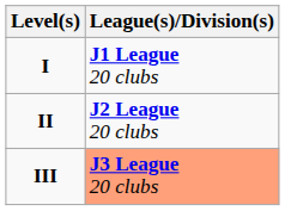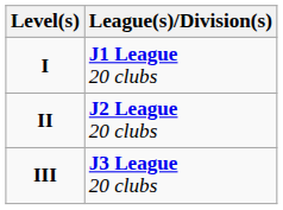 <table class="wikitable" style="float:right">
 <tr>
 <th>Level(s)</th>
 <th>League(s)/Division(s)</th>
 </tr>
 <tr>
 <td align=center><strong>I</strong></td>
 <td><strong><a href='#'>J1 League</a></strong><br><em>20 clubs</em></td>
 </tr>
 <tr>
 <td align=center><strong>II</strong></td>
 <td><strong><a href='#'>J2 League</a></strong><br><em>20 clubs</em></td>
 </tr>
 <tr>
 <td align=center><strong>III</strong></td>
-<td style="background: lightsalmon;"><strong><a href='#'>J3 League</a></strong><br><em>20 clubs</em></td>
+<td><strong><a href='#'>J3 League</a></strong><br><em>20 clubs</em></td>
 </tr>
 </table>
